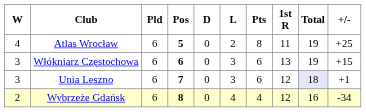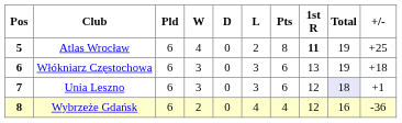 <table class="toccolours" border="1" cellpadding="4" cellspacing="0" style="border-collapse: collapse; margin:0;">
 <tr>
-<th width=30>W</th>
+<th width=30>Pos</th>
 <th>Club</th>
 <th width=30>Pld</th>
-<th width=30>Pos</th>
+<th width=30>W</th>
 <th width=30>D</th>
 <th width=30>L</th>
 <th width=30>Pts</th>
 <th width=30>1st R</th>
 <th width=30>Total</th>
 <th width=40>+/-</th>
 </tr>
 <tr align=center>
-<td>4</td>
+<th>5</th>
 <td><a href='#'>Atlas Wrocław</a></td>
 <td>6</td>
-<th>5</th>
+<td>4</td>
 <td>0</td>
 <td>2</td>
 <td>8</td>
-<td>11</td>
+<td><strong>11</strong></td>
 <td>19</td>
 <td>+25</td>
 </tr>
 <tr align=center>
-<td>3</td>
+<th>6</th>
 <td><a href='#'>Włókniarz Częstochowa</a></td>
 <td>6</td>
-<th>6</th>
+<td>3</td>
 <td>0</td>
 <td>3</td>
 <td>6</td>
 <td>13</td>
 <td>19</td>
-<td>+15</td>
+<td>+18</td>
 </tr>
 <tr align=center>
-<td>3</td>
+<th>7</th>
 <td><a href='#'>Unia Leszno</a></td>
 <td>6</td>
-<th>7</th>
+<td>3</td>
 <td>0</td>
 <td>3</td>
 <td>6</td>
 <td>12</td>
 <td style="background: lavender;">18</td>
 <td>+1</td>
 </tr>
 <tr align=center style="background: #ffffcc; |">
-<td>2</td>
+<th>8</th>
 <td><a href='#'>Wybrzeże Gdańsk</a></td>
 <td>6</td>
-<th>8</th>
+<td>2</td>
 <td>0</td>
 <td>4</td>
 <td>4</td>
 <td>12</td>
 <td>16</td>
-<td>-34</td>
+<td>-36</td>
 </tr>
 </table>
